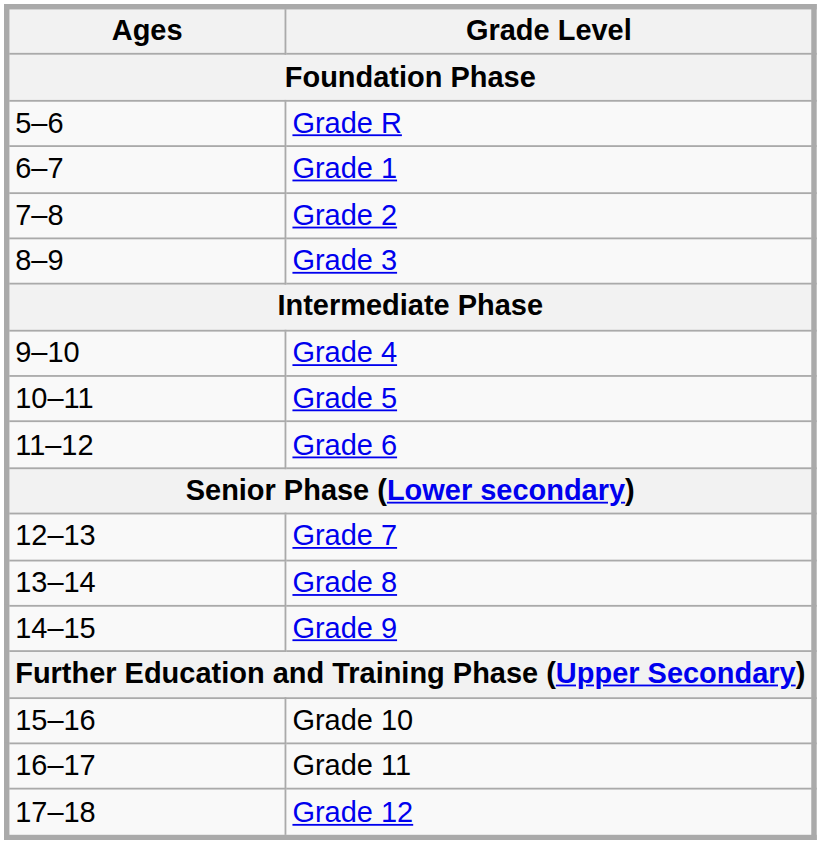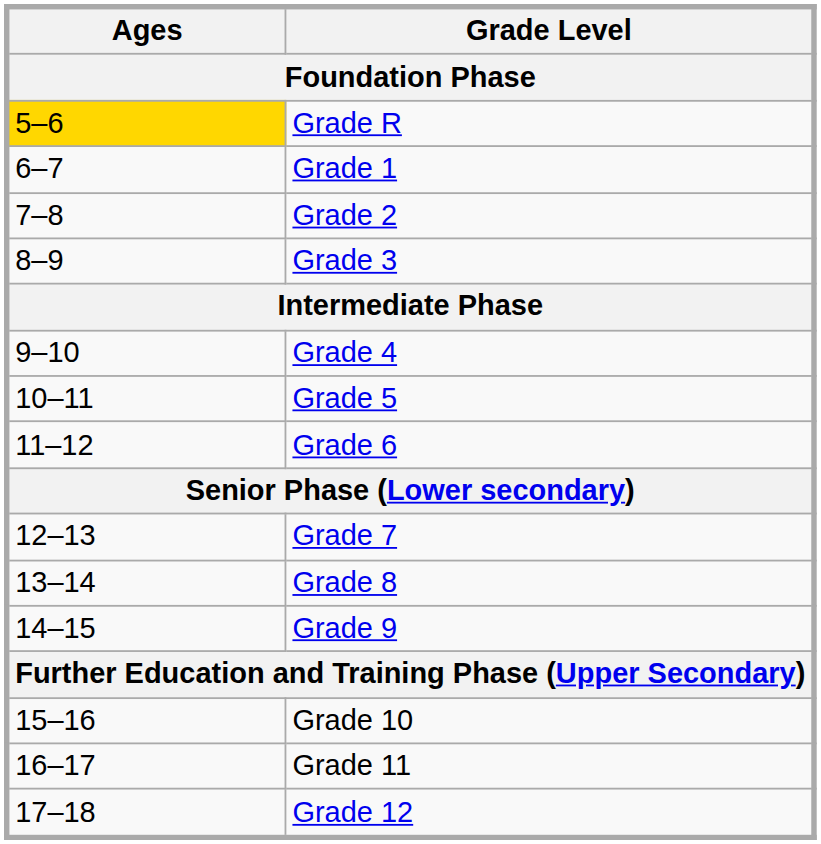 <table class="wikitable sortable" style="border-width:3px">
 <tr>
 <th>Ages</th>
 <th>Grade Level</th>
 </tr>
 <tr>
 <th colspan="2">Foundation Phase</th>
 </tr>
 <tr>
-<td>5–6</td>
+<td style="background: gold;">5–6</td>
 <td><a href='#'>Grade R</a></td>
 </tr>
 <tr>
 <td>6–7</td>
 <td><a href='#'>Grade 1</a></td>
 </tr>
 <tr>
 <td>7–8</td>
 <td><a href='#'>Grade 2</a></td>
 </tr>
 <tr>
 <td>8–9</td>
 <td><a href='#'>Grade 3</a></td>
 </tr>
 <tr>
 <th colspan="2">Intermediate Phase</th>
 </tr>
 <tr>
 <td>9–10</td>
 <td><a href='#'>Grade 4</a></td>
 </tr>
 <tr>
 <td>10–11</td>
 <td><a href='#'>Grade 5</a></td>
 </tr>
 <tr>
 <td>11–12</td>
 <td><a href='#'>Grade 6</a></td>
 </tr>
 <tr>
 <th colspan="2">Senior Phase (<a href='#'>Lower secondary</a>)</th>
 </tr>
 <tr>
 <td>12–13</td>
 <td><a href='#'>Grade 7</a></td>
 </tr>
 <tr>
 <td>13–14</td>
 <td><a href='#'>Grade 8</a></td>
 </tr>
 <tr>
 <td>14–15</td>
 <td><a href='#'>Grade 9</a></td>
 </tr>
 <tr>
 <th colspan="2">Further Education and Training Phase (<a href='#'>Upper Secondary</a>)</th>
 </tr>
 <tr>
 <td>15–16</td>
 <td>Grade 10</td>
 </tr>
 <tr>
 <td>16–17</td>
 <td>Grade 11</td>
 </tr>
 <tr>
 <td>17–18</td>
 <td><a href='#'>Grade 12</a></td>
 </tr>
 </table>
